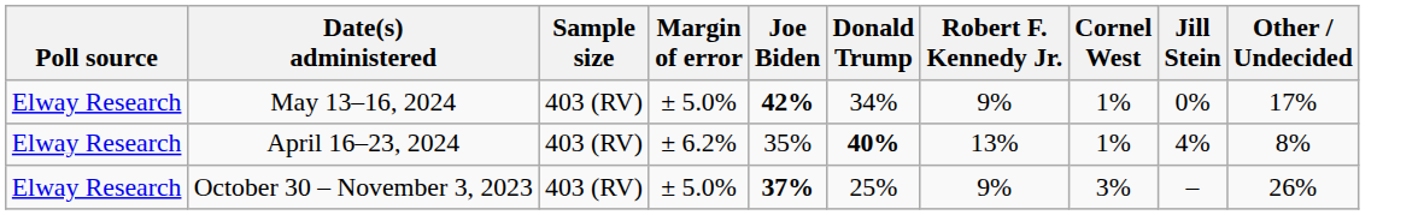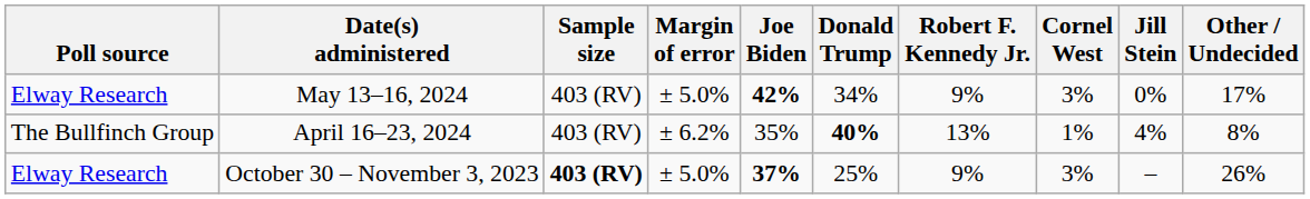 <table class="wikitable sortable mw-datatable" style="font-size:90%;text-align:center;line-height:17px">
 <tr valign=bottom>
 <th>Poll source</th>
 <th>Date(s)<br>administered</th>
 <th>Sample<br>size</th>
 <th>Margin<br>of error</th>
 <th class="unsortable">Joe<br>Biden<br></th>
 <th class="unsortable">Donald<br>Trump<br></th>
 <th class="unsortable">Robert F.<br>Kennedy Jr.<br></th>
 <th class="unsortable">Cornel<br>West<br></th>
 <th class="unsortable">Jill<br>Stein<br></th>
 <th class="unsortable">Other /<br>Undecided</th>
 </tr>
 <tr>
 <td style="text-align:left;"><a href='#'>Elway Research</a></td>
 <td>May 13–16, 2024</td>
 <td>403 (RV)</td>
 <td>± 5.0%</td>
 <td style="color:black;background-color:"><strong>42%</strong></td>
 <td>34%</td>
 <td>9%</td>
-<td>1%</td>
+<td>3%</td>
 <td>0%</td>
 <td>17%</td>
 </tr>
 <tr>
-<td style="text-align:left;"><a href='#'>Elway Research</a></td>
+<td style="text-align:left;">The Bullfinch Group</td>
 <td>April 16–23, 2024</td>
 <td>403 (RV)</td>
 <td>± 6.2%</td>
 <td>35%</td>
 <td style="background-color:"><strong>40%</strong></td>
 <td>13%</td>
 <td>1%</td>
 <td>4%</td>
 <td>8%</td>
 </tr>
 <tr>
 <td style="text-align:left;"><a href='#'>Elway Research</a></td>
 <td data-sort-value="2023-06-08">October 30 – November 3, 2023</td>
-<td>403 (RV)</td>
+<td><strong>403 (RV)</strong></td>
 <td>± 5.0%</td>
 <td style="color:black;background-color:"><strong>37%</strong></td>
 <td>25%</td>
 <td>9%</td>
 <td>3%</td>
 <td>–</td>
 <td>26%</td>
 </tr>
 </table>
